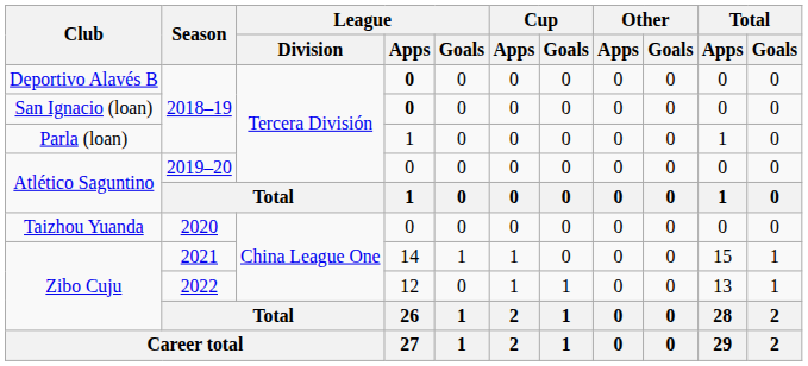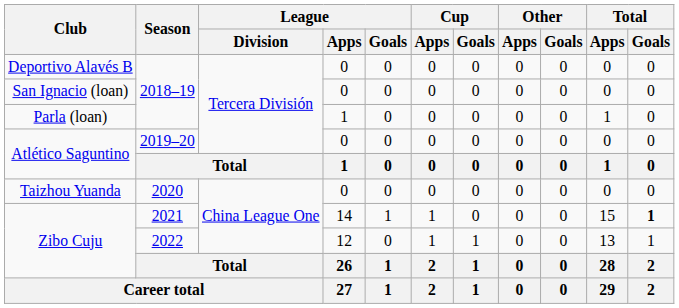 <table class=wikitable style=text-align:center>
 <tr>
 <th rowspan=2>Club</th>
 <th rowspan=2>Season</th>
 <th colspan=3>League</th>
 <th colspan=2>Cup</th>
 <th colspan=2>Other</th>
 <th colspan=2>Total</th>
 </tr>
 <tr>
 <th>Division</th>
 <th>Apps</th>
 <th>Goals</th>
 <th>Apps</th>
 <th>Goals</th>
 <th>Apps</th>
 <th>Goals</th>
 <th>Apps</th>
 <th>Goals</th>
 </tr>
 <tr>
 <td><a href='#'>Deportivo Alavés B</a></td>
 <td rowspan=3><a href='#'>2018–19</a></td>
 <td rowspan=4><a href='#'>Tercera División</a></td>
-<td><strong>0</strong></td>
+<td>0</td>
 <td>0</td>
 <td>0</td>
 <td>0</td>
 <td>0</td>
 <td>0</td>
 <td>0</td>
 <td>0</td>
 </tr>
 <tr>
 <td><a href='#'>San Ignacio</a> (loan)</td>
-<td><strong>0</strong></td>
+<td>0</td>
 <td>0</td>
 <td>0</td>
 <td>0</td>
 <td>0</td>
 <td>0</td>
 <td>0</td>
 <td>0</td>
 </tr>
 <tr>
 <td><a href='#'>Parla</a> (loan)</td>
 <td>1</td>
 <td>0</td>
 <td>0</td>
 <td>0</td>
 <td>0</td>
 <td>0</td>
 <td>1</td>
 <td>0</td>
 </tr>
 <tr>
 <td rowspan=2><a href='#'>Atlético Saguntino</a></td>
 <td><a href='#'>2019–20</a></td>
 <td>0</td>
 <td>0</td>
 <td>0</td>
 <td>0</td>
 <td>0</td>
 <td>0</td>
 <td>0</td>
 <td>0</td>
 </tr>
 <tr>
 <th colspan=2>Total</th>
 <th>1</th>
 <th>0</th>
 <th>0</th>
 <th>0</th>
 <th>0</th>
 <th>0</th>
 <th>1</th>
 <th>0</th>
 </tr>
 <tr>
 <td><a href='#'>Taizhou Yuanda</a></td>
 <td><a href='#'>2020</a></td>
 <td rowspan=3><a href='#'>China League One</a></td>
 <td>0</td>
 <td>0</td>
 <td>0</td>
 <td>0</td>
 <td>0</td>
 <td>0</td>
 <td>0</td>
 <td>0</td>
 </tr>
 <tr>
 <td rowspan=3><a href='#'>Zibo Cuju</a></td>
 <td><a href='#'>2021</a></td>
 <td>14</td>
 <td>1</td>
 <td>1</td>
 <td>0</td>
 <td>0</td>
 <td>0</td>
 <td>15</td>
-<td>1</td>
+<td><strong>1</strong></td>
 </tr>
 <tr>
 <td><a href='#'>2022</a></td>
 <td>12</td>
 <td>0</td>
 <td>1</td>
 <td>1</td>
 <td>0</td>
 <td>0</td>
 <td>13</td>
 <td>1</td>
 </tr>
 <tr>
 <th colspan=2>Total</th>
 <th>26</th>
 <th>1</th>
 <th>2</th>
 <th>1</th>
 <th>0</th>
 <th>0</th>
 <th>28</th>
 <th>2</th>
 </tr>
 <tr>
 <th colspan=3>Career total</th>
 <th>27</th>
 <th>1</th>
 <th>2</th>
 <th>1</th>
 <th>0</th>
 <th>0</th>
 <th>29</th>
 <th>2</th>
 </tr>
 </table>
